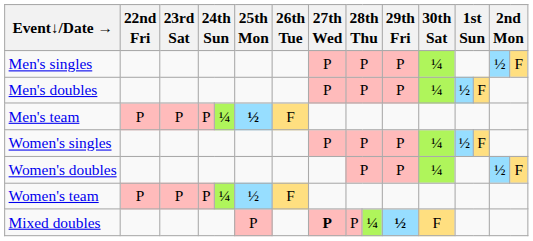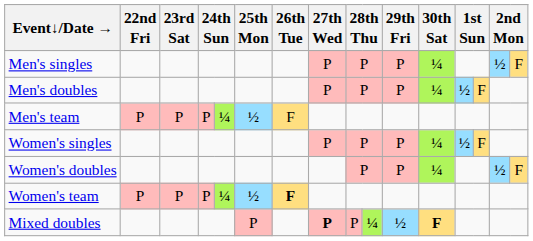 <table class="wikitable" style="margin:0.5em auto; font-size:90%; line-height:1.25em; text-align:center;">
 <tr>
 <th>Event↓/Date →</th>
 <th>22nd<br>Fri</th>
 <th>23rd<br>Sat</th>
 <th colspan=2>24th<br>Sun</th>
 <th>25th<br>Mon</th>
 <th>26th<br>Tue</th>
 <th>27th<br>Wed</th>
 <th colspan=2>28th<br>Thu</th>
 <th>29th<br>Fri</th>
 <th>30th<br>Sat</th>
 <th colspan=2>1st<br>Sun</th>
 <th colspan=2>2nd<br>Mon</th>
 </tr>
 <tr>
 <td align="left"><a href='#'>Men's singles</a></td>
 <td></td>
 <td></td>
 <td colspan=2></td>
 <td></td>
 <td></td>
 <td bgcolor="#FFBBBB">P</td>
 <td colspan=2 bgcolor="#FFBBBB">P</td>
 <td bgcolor="#FFBBBB">P</td>
 <td bgcolor="#AFF55B">¼</td>
 <td colspan=2></td>
 <td bgcolor="#97DEFF">½</td>
 <td bgcolor="#FFDF80">F</td>
 </tr>
 <tr>
 <td align="left"><a href='#'>Men's doubles</a></td>
 <td></td>
 <td></td>
 <td colspan=2></td>
 <td></td>
 <td></td>
 <td bgcolor="#FFBBBB">P</td>
 <td colspan=2 bgcolor="#FFBBBB">P</td>
 <td bgcolor="#FFBBBB">P</td>
 <td bgcolor="#AFF55B">¼</td>
 <td bgcolor="#97DEFF">½</td>
 <td bgcolor="#FFDF80">F</td>
 <td colspan=2></td>
 </tr>
 <tr>
 <td align="left"><a href='#'>Men's team</a></td>
 <td bgcolor="#FFBBBB">P</td>
 <td bgcolor="#FFBBBB">P</td>
 <td bgcolor="#FFBBBB">P</td>
 <td bgcolor="#AFF55B">¼</td>
-<td bgcolor="#97DEFF"><strong>½</strong></td>
+<td bgcolor="#97DEFF">½</td>
 <td bgcolor="#FFDF80">F</td>
 <td></td>
 <td colspan=2></td>
 <td></td>
 <td></td>
 <td colspan=2></td>
 <td colspan=2></td>
 </tr>
 <tr>
 <td align="left"><a href='#'>Women's singles</a></td>
 <td></td>
 <td></td>
 <td colspan=2></td>
 <td></td>
 <td></td>
 <td bgcolor="#FFBBBB">P</td>
 <td colspan=2 bgcolor="#FFBBBB">P</td>
 <td bgcolor="#FFBBBB">P</td>
 <td bgcolor="#AFF55B">¼</td>
 <td bgcolor="#97DEFF">½</td>
 <td bgcolor="#FFDF80">F</td>
 <td colspan=2></td>
 </tr>
 <tr>
 <td align="left"><a href='#'>Women's doubles</a></td>
 <td></td>
 <td></td>
 <td colspan=2></td>
 <td></td>
 <td></td>
 <td></td>
 <td colspan=2 bgcolor="#FFBBBB">P</td>
 <td bgcolor="#FFBBBB">P</td>
 <td bgcolor="#AFF55B">¼</td>
 <td colspan=2></td>
 <td bgcolor="#97DEFF">½</td>
 <td bgcolor="#FFDF80">F</td>
 </tr>
 <tr>
 <td align="left"><a href='#'>Women's team</a></td>
 <td bgcolor="#FFBBBB">P</td>
 <td bgcolor="#FFBBBB">P</td>
 <td bgcolor="#FFBBBB">P</td>
 <td bgcolor="#AFF55B">¼</td>
 <td bgcolor="#97DEFF">½</td>
-<td bgcolor="#FFDF80">F</td>
+<td bgcolor="#FFDF80"><strong>F</strong></td>
 <td></td>
 <td colspan=2></td>
 <td></td>
 <td></td>
 <td colspan=2></td>
 <td colspan=2></td>
 </tr>
 <tr>
 <td align="left"><a href='#'>Mixed doubles</a></td>
 <td></td>
 <td></td>
 <td colspan=2></td>
 <td bgcolor="#FFBBBB">P</td>
 <td></td>
 <td bgcolor="#FFBBBB"><strong>P</strong></td>
 <td bgcolor="#FFBBBB">P</td>
 <td bgcolor="#AFF55B">¼</td>
-<td bgcolor="#97DEFF"><strong>½</strong></td>
-<td bgcolor="#FFDF80">F</td>
+<td bgcolor="#97DEFF">½</td>
+<td bgcolor="#FFDF80"><strong>F</strong></td>
 <td colspan=2></td>
 <td colspan=2></td>
 </tr>
 </table>
